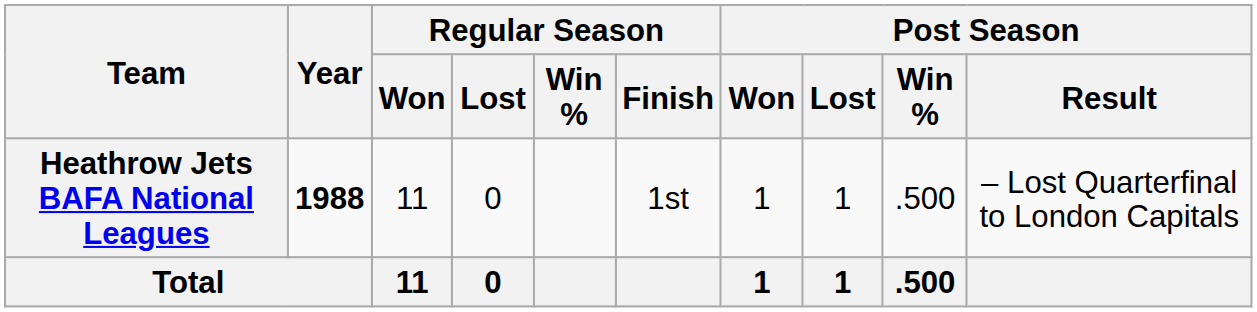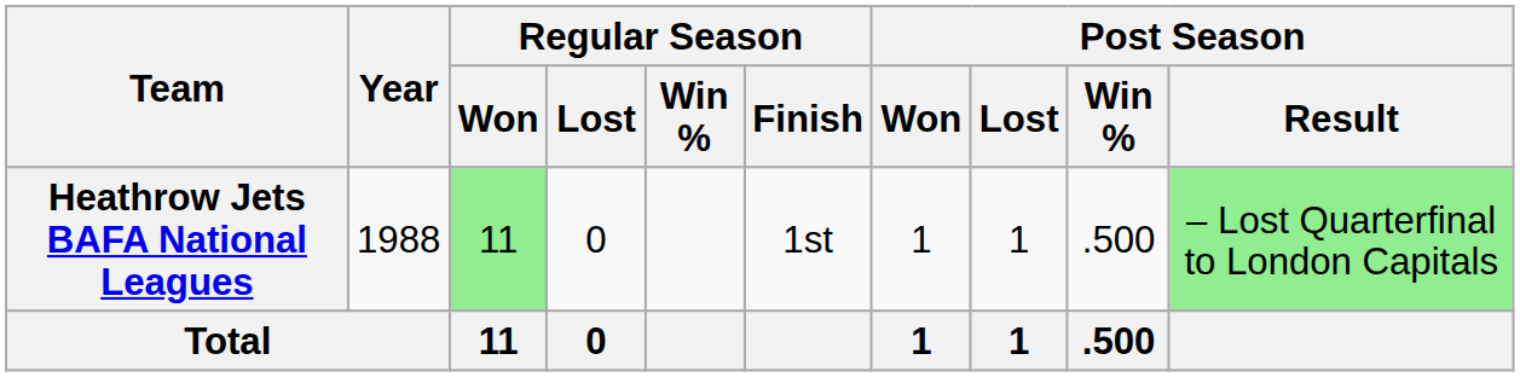 <table class="wikitable" style="font-size: 95%; text-align:center;">
 <tr>
 <th rowspan="2">Team</th>
 <th rowspan="2">Year</th>
 <th colspan="4">Regular Season</th>
 <th colspan="4">Post Season</th>
 </tr>
 <tr>
 <th>Won</th>
 <th>Lost</th>
 <th>Win %</th>
 <th>Finish</th>
 <th>Won</th>
 <th>Lost</th>
 <th>Win %</th>
 <th>Result</th>
 </tr>
 <tr>
 <th>Heathrow Jets <a href='#'>BAFA National Leagues</a></th>
-<td><strong>1988</strong></td>
-<td>11</td>
+<td>1988</td>
+<td style="background: lightgreen;">11</td>
 <td>0</td>
 <td></td>
 <td>1st</td>
 <td>1</td>
 <td>1</td>
 <td>.500</td>
-<td>– Lost Quarterfinal to London Capitals</td>
+<td style="background: lightgreen;">– Lost Quarterfinal to London Capitals</td>
 </tr>
 <tr>
 <th colspan="2">Total</th>
 <th>11</th>
 <th>0</th>
 <th></th>
 <th></th>
 <th>1</th>
 <th>1</th>
 <th>.500</th>
 <th></th>
 </tr>
 </table>
